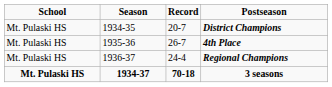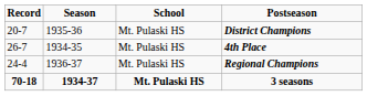 <table class="wikitable">
 <tr align="center">
+<td><strong>Record</strong></td>
+<td><strong>Season</strong></td>
 <td><strong>School</strong></td>
-<td><strong>Season</strong></td>
-<td><strong>Record</strong></td>
 <td><strong>Postseason</strong></td>
 </tr>
 <tr align= bgcolor="">
+<td>20-7</td>
+<td>1935-36</td>
 <td>Mt. Pulaski HS</td>
-<td>1934-35</td>
-<td>20-7</td>
 <td><strong><em>District Champions</em></strong></td>
 </tr>
 <tr>
+<td>26-7</td>
+<td>1934-35</td>
 <td>Mt. Pulaski HS</td>
-<td>1935-36</td>
-<td>26-7</td>
 <td><strong><em>4th Place</em></strong></td>
 </tr>
 <tr>
+<td>24-4</td>
+<td>1936-37</td>
 <td>Mt. Pulaski HS</td>
-<td>1936-37</td>
-<td>24-4</td>
 <td><strong><em>Regional Champions</em></strong></td>
 </tr>
 <tr align="center" bgcolor="">
+<td width="50"><strong>70-18</strong></td>
+<td width="100"><strong>1934-37</strong></td>
 <td width="150"><strong>Mt. Pulaski HS</strong></td>
-<td width="100"><strong>1934-37</strong></td>
-<td width="50"><strong>70-18</strong></td>
 <td width="200"><strong>3 seasons</strong></td>
 </tr>
 </table>
